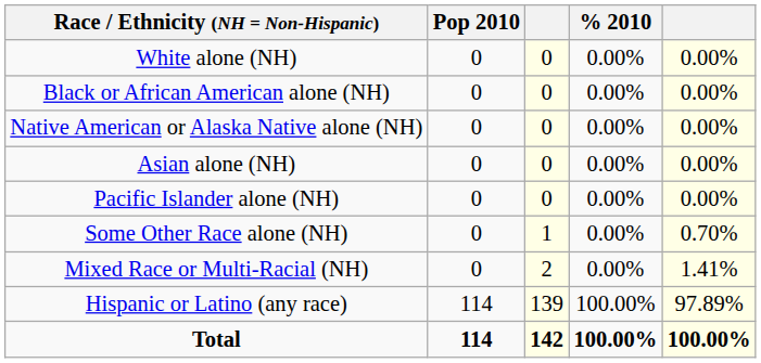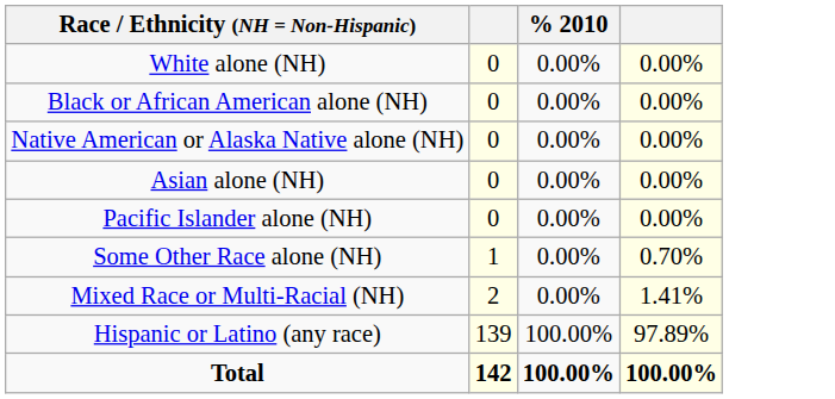 <table class="wikitable" style="text-align:center;">
 <tr>
 <th>Race / Ethnicity <small>(<em>NH = Non-Hispanic</em>)</small></th>
-<th>Pop 2010</th>
 <th></th>
 <th>% 2010</th>
 <th></th>
 </tr>
 <tr>
 <td><a href='#'>White</a> alone (NH)</td>
-<td>0</td>
 <td style='background: #ffffe6;'>0</td>
 <td>0.00%</td>
 <td style='background: #ffffe6;'>0.00%</td>
 </tr>
 <tr>
 <td><a href='#'>Black or African American</a> alone (NH)</td>
-<td>0</td>
 <td style='background: #ffffe6;'>0</td>
 <td>0.00%</td>
 <td style='background: #ffffe6;'>0.00%</td>
 </tr>
 <tr>
 <td><a href='#'>Native American</a> or <a href='#'>Alaska Native</a> alone (NH)</td>
-<td>0</td>
 <td style='background: #ffffe6;'>0</td>
 <td>0.00%</td>
 <td style='background: #ffffe6;'>0.00%</td>
 </tr>
 <tr>
 <td><a href='#'>Asian</a> alone (NH)</td>
-<td>0</td>
 <td style='background: #ffffe6;'>0</td>
 <td>0.00%</td>
 <td style='background: #ffffe6;'>0.00%</td>
 </tr>
 <tr>
 <td><a href='#'>Pacific Islander</a> alone (NH)</td>
-<td>0</td>
 <td style='background: #ffffe6;'>0</td>
 <td>0.00%</td>
 <td style='background: #ffffe6;'>0.00%</td>
 </tr>
 <tr>
 <td><a href='#'>Some Other Race</a> alone (NH)</td>
-<td>0</td>
 <td style='background: #ffffe6;'>1</td>
 <td>0.00%</td>
 <td style='background: #ffffe6;'>0.70%</td>
 </tr>
 <tr>
 <td><a href='#'>Mixed Race or Multi-Racial</a> (NH)</td>
-<td>0</td>
 <td style='background: #ffffe6;'>2</td>
 <td>0.00%</td>
 <td style='background: #ffffe6;'>1.41%</td>
 </tr>
 <tr>
 <td><a href='#'>Hispanic or Latino</a> (any race)</td>
-<td>114</td>
 <td style='background: #ffffe6;'>139</td>
 <td>100.00%</td>
 <td style='background: #ffffe6;'>97.89%</td>
 </tr>
 <tr>
 <td><strong>Total</strong></td>
-<td><strong>114</strong></td>
 <td style='background: #ffffe6;'><strong>142</strong></td>
 <td><strong>100.00%</strong></td>
 <td style='background: #ffffe6;'><strong>100.00%</strong></td>
 </tr>
 </table>
